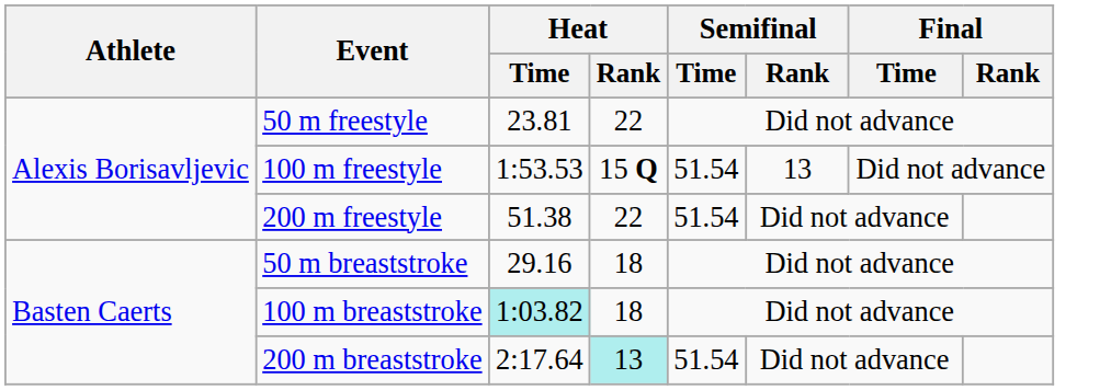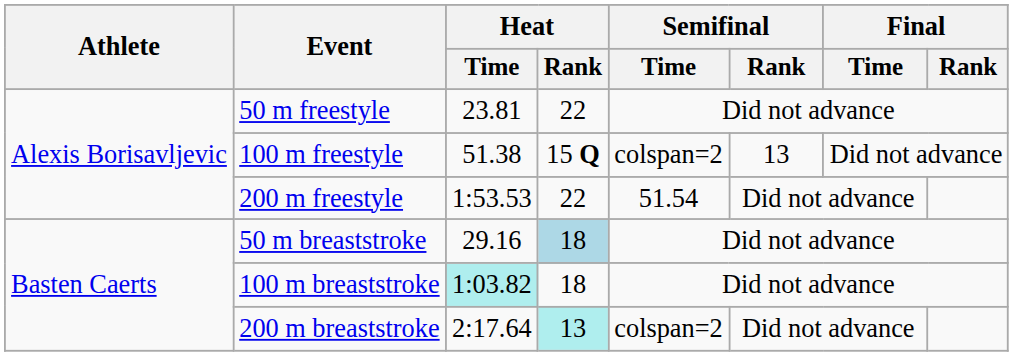 <table class=wikitable style="font-size:90%">
 <tr>
 <th rowspan=2>Athlete</th>
 <th rowspan=2>Event</th>
 <th colspan="2">Heat</th>
 <th colspan="2">Semifinal</th>
 <th colspan="2">Final</th>
 </tr>
 <tr style="font-size:95%">
 <th>Time</th>
 <th>Rank</th>
 <th>Time</th>
 <th>Rank</th>
 <th>Time</th>
 <th>Rank</th>
 </tr>
 <tr align=center>
 <td align=left rowspan=3><a href='#'>Alexis Borisavljevic</a></td>
 <td align=left><a href='#'>50 m freestyle</a></td>
 <td>23.81</td>
 <td>22</td>
 <td colspan=4>Did not advance</td>
 </tr>
 <tr align=center>
 <td align=left><a href='#'>100 m freestyle</a></td>
-<td>1:53.53</td>
+<td>51.38</td>
 <td>15 <strong>Q</strong></td>
-<td>51.54</td>
+<td>colspan=2 </td>
 <td>13</td>
 <td colspan=2>Did not advance</td>
 </tr>
 <tr align=center>
 <td align=left><a href='#'>200 m freestyle</a></td>
-<td>51.38</td>
+<td>1:53.53</td>
 <td>22</td>
 <td>51.54</td>
 <td colspan=2>Did not advance</td>
 </tr>
 <tr align=center>
 <td align=left rowspan=3><a href='#'>Basten Caerts</a></td>
 <td align=left><a href='#'>50 m breaststroke</a></td>
 <td>29.16</td>
-<td>18</td>
+<td style="background: lightblue;">18</td>
 <td colspan=4>Did not advance</td>
 </tr>
 <tr align=center>
 <td align=left><a href='#'>100 m breaststroke</a></td>
 <td style="background: paleturquoise;">1:03.82</td>
 <td>18</td>
 <td colspan=4>Did not advance</td>
 </tr>
 <tr align=center>
 <td align=left><a href='#'>200 m breaststroke</a></td>
 <td>2:17.64</td>
 <td style="background: paleturquoise;">13</td>
-<td>51.54</td>
+<td>colspan=2 </td>
 <td colspan=2>Did not advance</td>
 </tr>
 </table>
